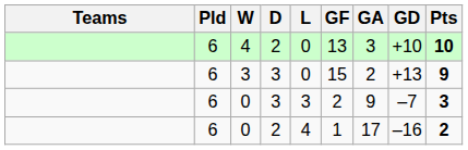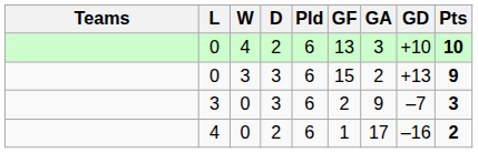 <table class="wikitable" style="text-align: center;">
 <tr>
 <th width=165>Teams</th>
-<th width=20>Pld</th>
+<th width=20>L</th>
 <th width=20>W</th>
 <th width=20>D</th>
-<th width=20>L</th>
+<th width=20>Pld</th>
 <th width=20>GF</th>
 <th width=20>GA</th>
 <th width=20>GD</th>
 <th width=20>Pts</th>
 </tr>
 <tr align=center style="background:#ccffcc;">
 <td style="text-align:left;"></td>
-<td>6</td>
+<td>0</td>
 <td>4</td>
 <td>2</td>
-<td>0</td>
+<td>6</td>
 <td>13</td>
 <td>3</td>
 <td>+10</td>
 <td><strong>10</strong></td>
 </tr>
 <tr align=center>
 <td style="text-align:left;"></td>
-<td>6</td>
+<td>0</td>
 <td>3</td>
 <td>3</td>
-<td>0</td>
+<td>6</td>
 <td>15</td>
 <td>2</td>
 <td>+13</td>
 <td><strong>9</strong></td>
 </tr>
 <tr align=center>
 <td style="text-align:left;"></td>
-<td>6</td>
+<td>3</td>
 <td>0</td>
 <td>3</td>
-<td>3</td>
+<td>6</td>
 <td>2</td>
 <td>9</td>
 <td>–7</td>
 <td><strong>3</strong></td>
 </tr>
 <tr align=center>
 <td style="text-align:left;"></td>
-<td>6</td>
+<td>4</td>
 <td>0</td>
 <td>2</td>
-<td>4</td>
+<td>6</td>
 <td>1</td>
 <td>17</td>
 <td>–16</td>
 <td><strong>2</strong></td>
 </tr>
 </table>
